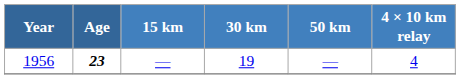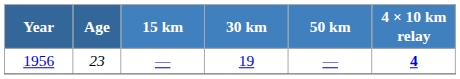 <table class="wikitable" style="font-size:95%; text-align:center; border:grey solid 1px; border-collapse:collapse; background:#ffffff;">
 <tr>
 <th style="background-color:#369; color:white; width:60px;"> Year </th>
 <th style="background-color:#369; color:white; width:40px;"> Age </th>
 <th style="background-color:#4180be; color:white; width:75px;"> 15 km </th>
 <th style="background-color:#4180be; color:white; width:75px;"> 30 km </th>
 <th style="background-color:#4180be; color:white; width:75px;"> 50 km </th>
 <th style="background-color:#4180be; color:white; width:75px;"> 4 × 10 km <br> relay </th>
 </tr>
 <tr>
 <td><a href='#'>1956</a></td>
-<td><strong><em>23</em></strong></td>
+<td><em>23</em></td>
 <td><a href='#'>—</a></td>
 <td><a href='#'>19</a></td>
 <td><a href='#'>—</a></td>
-<td><a href='#'>4</a></td>
+<td><strong><a href='#'>4</a></strong></td>
 </tr>
 <tr>
 </tr>
 </table>
